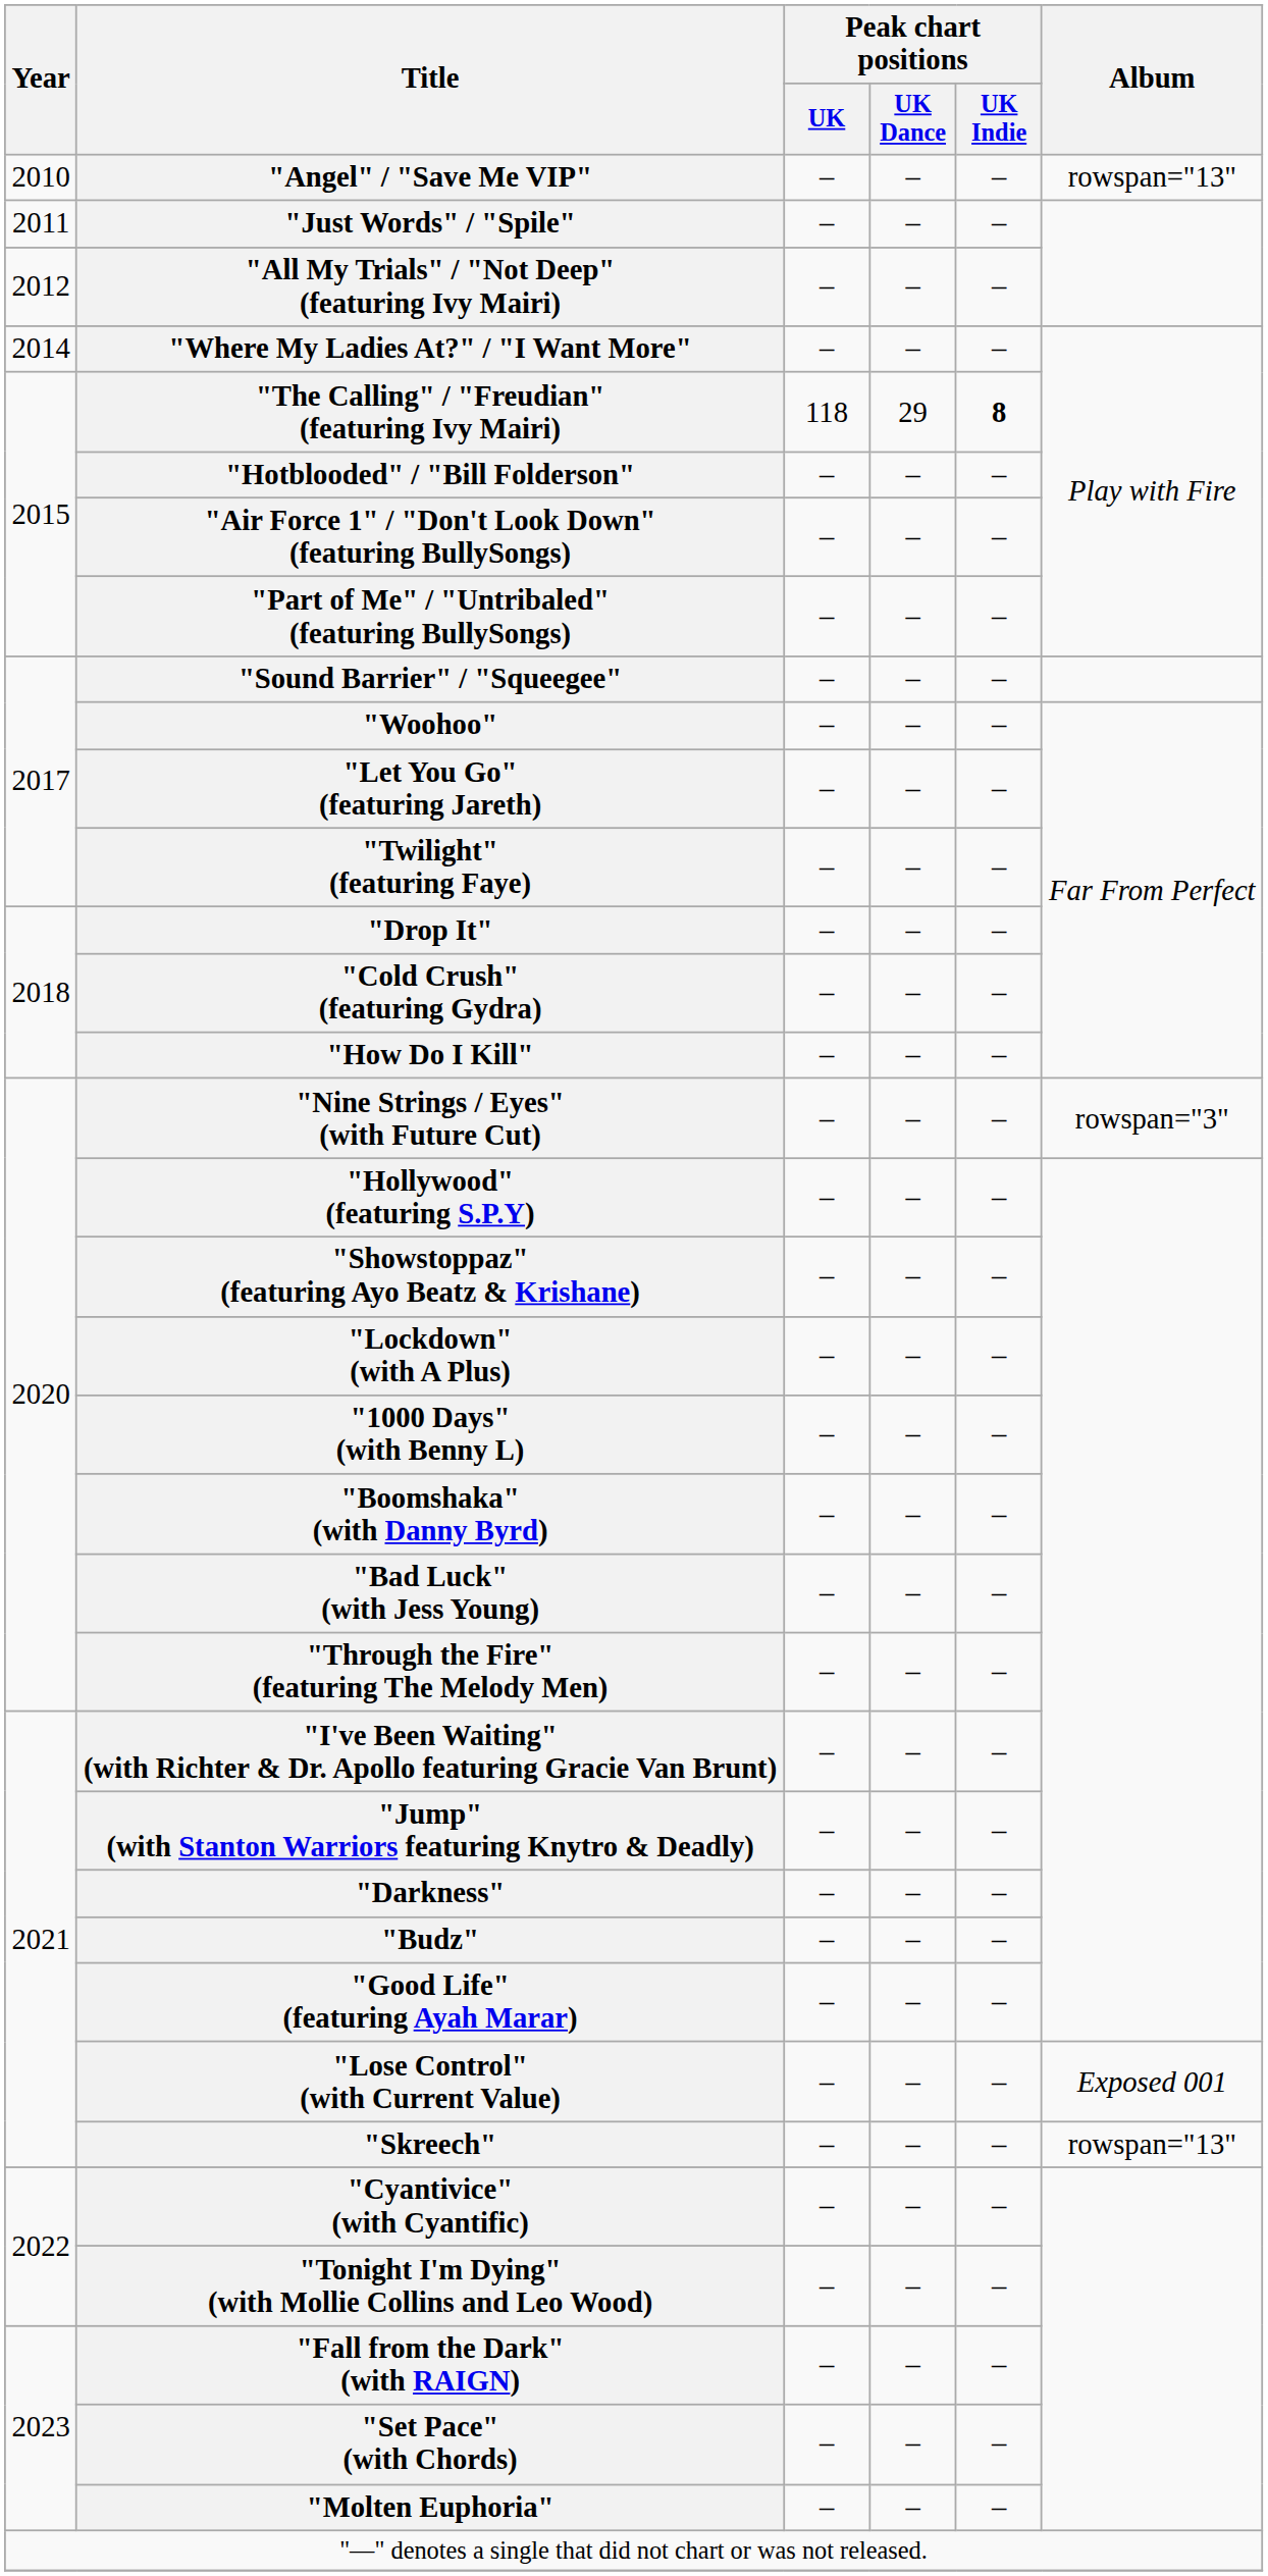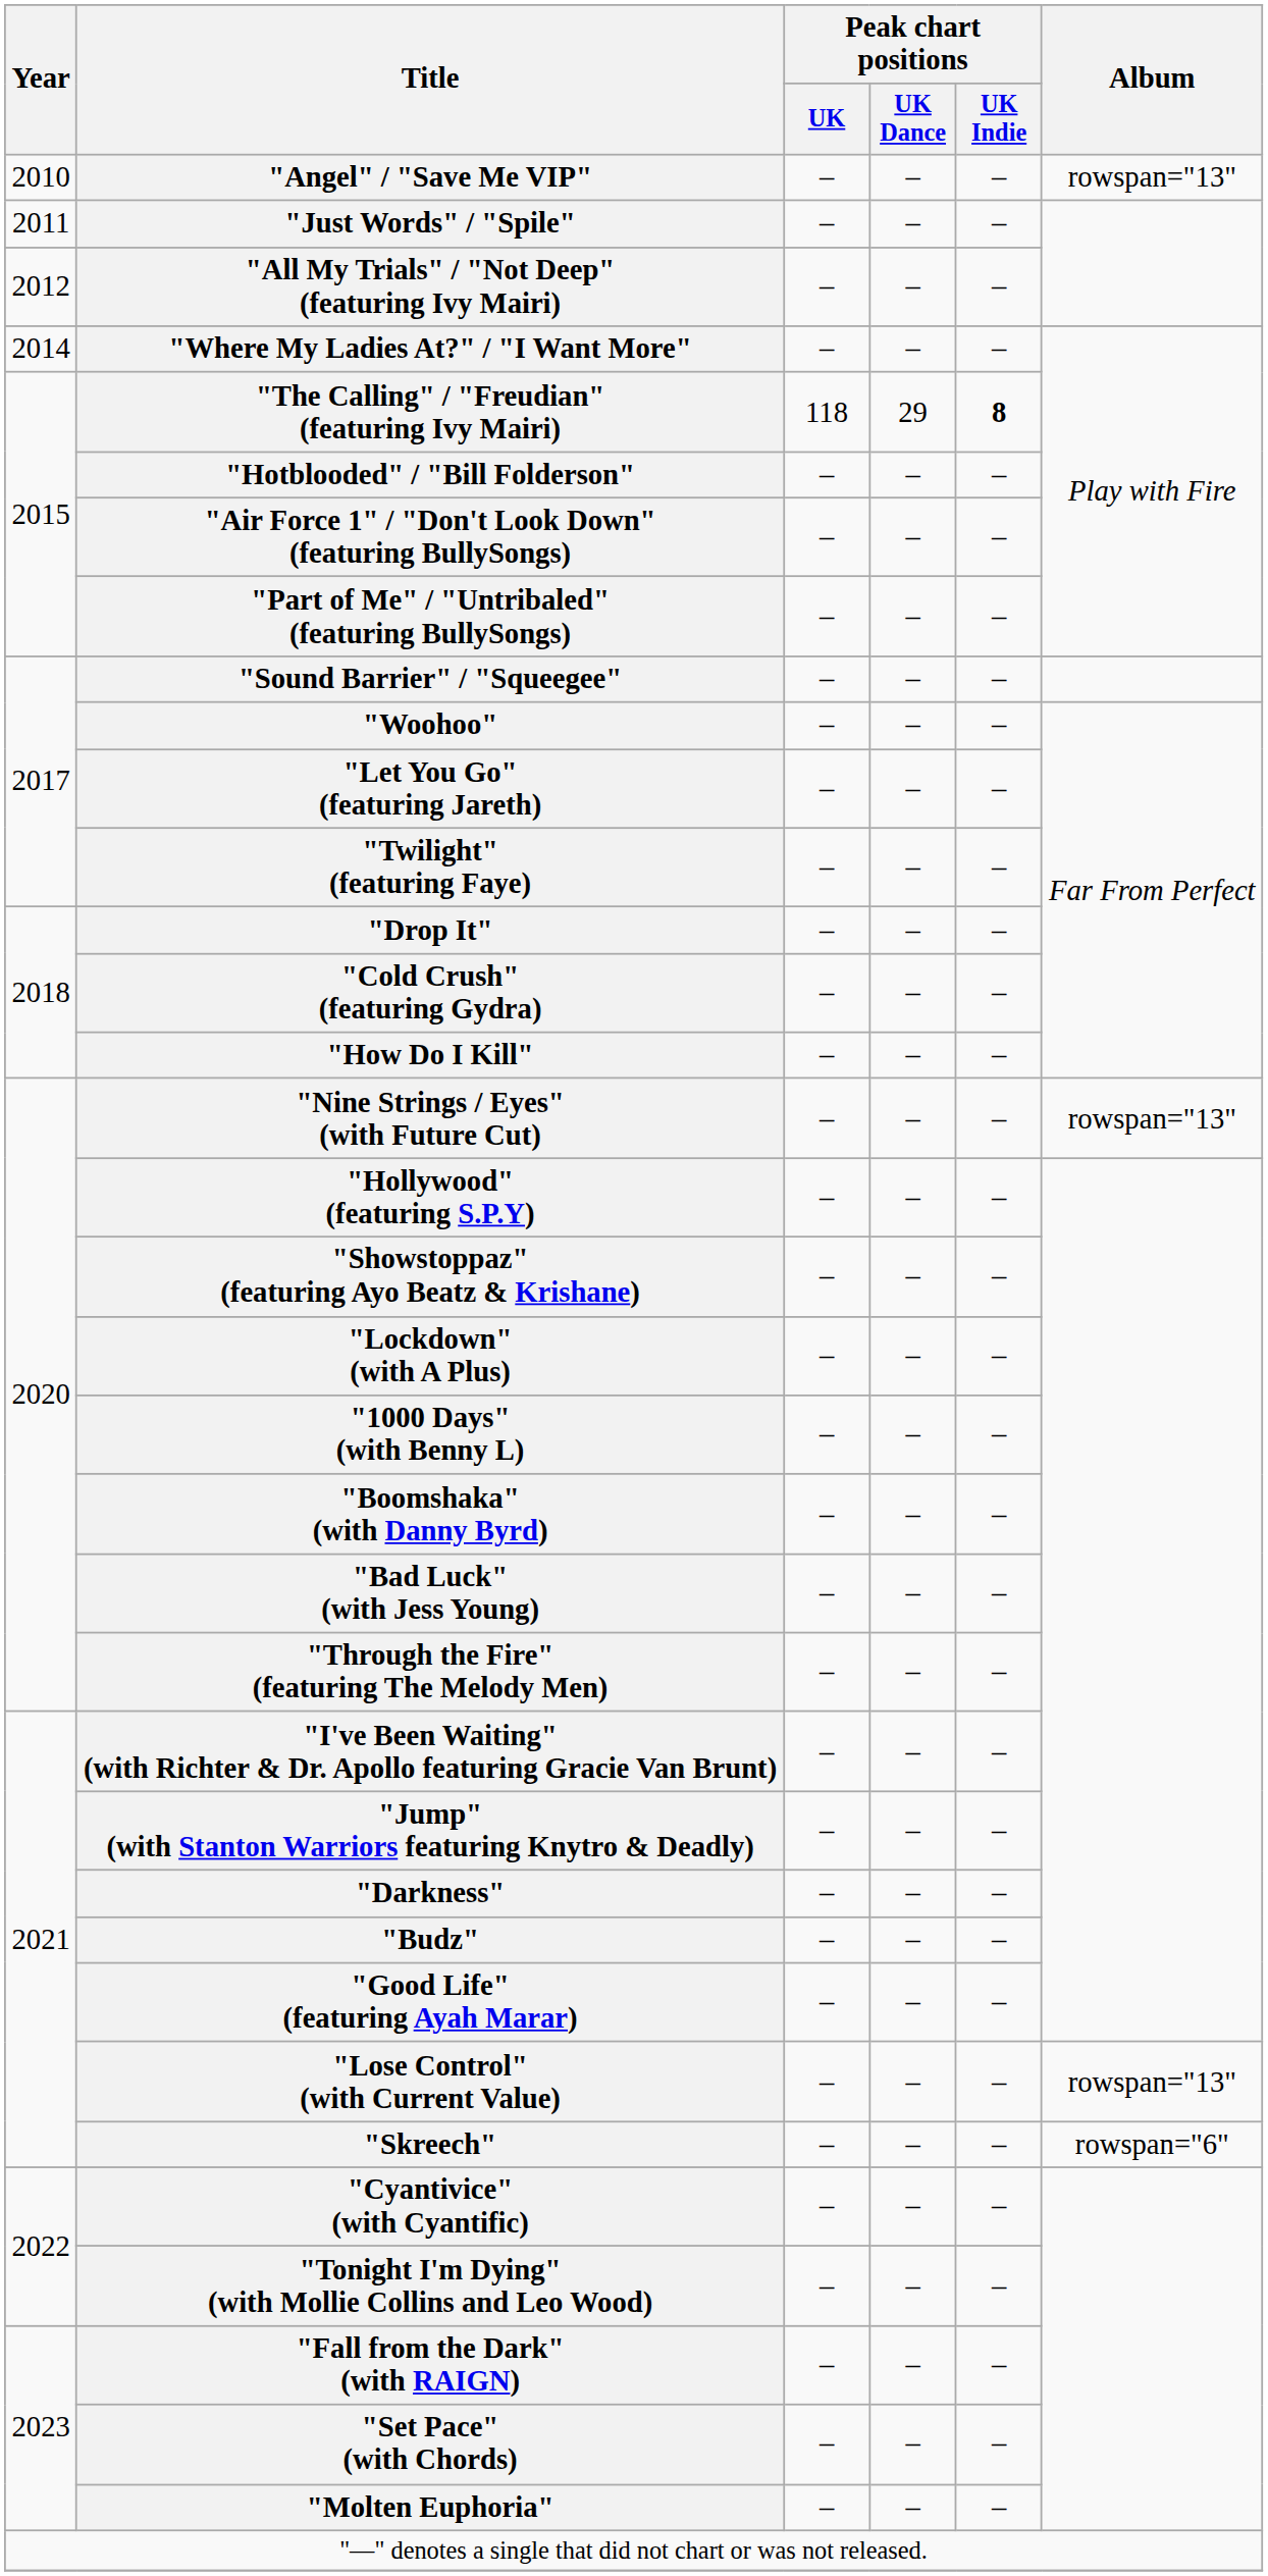 <table class="wikitable plainrowheaders" style="text-align:center;">
 <tr>
 <th scope="col" rowspan="2">Year</th>
 <th scope="col" rowspan="2">Title</th>
 <th scope="col" colspan="3">Peak chart positions</th>
 <th scope="col" rowspan="2">Album</th>
 </tr>
 <tr>
 <th scope="col" style="width:3em;font-size:85%;"><a href='#'>UK</a><br></th>
 <th scope="col" style="width:3em;font-size:85%;"><a href='#'>UK<br>Dance</a><br></th>
 <th scope="col" style="width:3em;font-size:85%;"><a href='#'>UK<br>Indie</a><br></th>
 </tr>
 <tr>
 <td>2010</td>
 <th scope="row">"Angel" / "Save Me VIP"</th>
 <td>–</td>
 <td>–</td>
 <td>–</td>
 <td>rowspan="13" </td>
 </tr>
 <tr>
 <td>2011</td>
 <th scope="row">"Just Words" / "Spile"</th>
 <td>–</td>
 <td>–</td>
 <td>–</td>
 </tr>
 <tr>
 <td>2012</td>
 <th scope="row">"All My Trials" / "Not Deep"<br><span>(featuring Ivy Mairi)</span></th>
 <td>–</td>
 <td>–</td>
 <td>–</td>
 </tr>
 <tr>
 <td>2014</td>
 <th scope="row">"Where My Ladies At?" / "I Want More"</th>
 <td>–</td>
 <td>–</td>
 <td>–</td>
 <td rowspan="5"><em>Play with Fire</em></td>
 </tr>
 <tr>
 <td rowspan="4">2015</td>
 <th scope="row">"The Calling" / "Freudian"<br><span>(featuring Ivy Mairi)</span></th>
 <td>118</td>
 <td>29</td>
 <td><strong>8</strong></td>
 </tr>
 <tr>
 <th scope="row">"Hotblooded" / "Bill Folderson"</th>
 <td>–</td>
 <td>–</td>
 <td>–</td>
 </tr>
 <tr>
 <th scope="row">"Air Force 1" / "Don't Look Down"<br><span>(featuring BullySongs)</span></th>
 <td>–</td>
 <td>–</td>
 <td>–</td>
 </tr>
 <tr>
 <th scope="row">"Part of Me" / "Untribaled"<br><span>(featuring BullySongs)</span></th>
 <td>–</td>
 <td>–</td>
 <td>–</td>
 </tr>
 <tr>
 <td rowspan="4">2017</td>
 <th scope="row">"Sound Barrier" / "Squeegee"</th>
 <td>–</td>
 <td>–</td>
 <td>–</td>
 <td></td>
 </tr>
 <tr>
 <th scope="row">"Woohoo"</th>
 <td>–</td>
 <td>–</td>
 <td>–</td>
 <td rowspan="6"><em>Far From Perfect</em></td>
 </tr>
 <tr>
 <th scope="row">"Let You Go"<br><span>(featuring Jareth)</span></th>
 <td>–</td>
 <td>–</td>
 <td>–</td>
 </tr>
 <tr>
 <th scope="row">"Twilight"<br><span>(featuring Faye)</span></th>
 <td>–</td>
 <td>–</td>
 <td>–</td>
 </tr>
 <tr>
 <td rowspan="3">2018</td>
 <th scope="row">"Drop It"</th>
 <td>–</td>
 <td>–</td>
 <td>–</td>
 </tr>
 <tr>
 <th scope="row">"Cold Crush"<br><span>(featuring Gydra)</span></th>
 <td>–</td>
 <td>–</td>
 <td>–</td>
 </tr>
 <tr>
 <th scope="row">"How Do I Kill"</th>
 <td>–</td>
 <td>–</td>
 <td>–</td>
 </tr>
 <tr>
 <td rowspan="8">2020</td>
 <th scope="row">"Nine Strings / Eyes"<br><span>(with Future Cut)</span></th>
 <td>–</td>
 <td>–</td>
 <td>–</td>
-<td>rowspan="3" </td>
+<td>rowspan="13" </td>
 </tr>
 <tr>
 <th scope="row">"Hollywood"<br><span>(featuring <a href='#'>S.P.Y</a>)</span></th>
 <td>–</td>
 <td>–</td>
 <td>–</td>
 </tr>
 <tr>
 <th scope="row">"Showstoppaz"<br><span>(featuring Ayo Beatz & <a href='#'>Krishane</a>)</span></th>
 <td>–</td>
 <td>–</td>
 <td>–</td>
 </tr>
 <tr>
 <th scope="row">"Lockdown"<br><span>(with A Plus)</span></th>
 <td>–</td>
 <td>–</td>
 <td>–</td>
 </tr>
 <tr>
 <th scope="row">"1000 Days"<br><span>(with Benny L)</span></th>
 <td>–</td>
 <td>–</td>
 <td>–</td>
 </tr>
 <tr>
 <th scope="row">"Boomshaka"<br><span>(with <a href='#'>Danny Byrd</a>)</span></th>
 <td>–</td>
 <td>–</td>
 <td>–</td>
 </tr>
 <tr>
 <th scope="row">"Bad Luck"<br><span>(with Jess Young)</span></th>
 <td>–</td>
 <td>–</td>
 <td>–</td>
 </tr>
 <tr>
 <th scope="row">"Through the Fire"<br><span>(featuring The Melody Men)</span></th>
 <td>–</td>
 <td>–</td>
 <td>–</td>
 </tr>
 <tr>
 <td rowspan="7">2021</td>
 <th scope="row">"I've Been Waiting"<br><span>(with Richter & Dr. Apollo featuring Gracie Van Brunt)</span></th>
 <td>–</td>
 <td>–</td>
 <td>–</td>
 </tr>
 <tr>
 <th scope="row">"Jump"<br><span>(with <a href='#'>Stanton Warriors</a> featuring Knytro & Deadly)</span></th>
 <td>–</td>
 <td>–</td>
 <td>–</td>
 </tr>
 <tr>
 <th scope="row">"Darkness"</th>
 <td>–</td>
 <td>–</td>
 <td>–</td>
 </tr>
 <tr>
 <th scope="row">"Budz"</th>
 <td>–</td>
 <td>–</td>
 <td>–</td>
 </tr>
 <tr>
 <th scope="row">"Good Life"<br><span>(featuring <a href='#'>Ayah Marar</a>)</span></th>
 <td>–</td>
 <td>–</td>
 <td>–</td>
 </tr>
 <tr>
 <th scope="row">"Lose Control"<br><span>(with Current Value)</span></th>
 <td>–</td>
 <td>–</td>
 <td>–</td>
-<td><em>Exposed 001</em></td>
+<td>rowspan="13" </td>
 </tr>
 <tr>
 <th scope="row">"Skreech"</th>
 <td>–</td>
 <td>–</td>
 <td>–</td>
-<td>rowspan="13" </td>
+<td>rowspan="6" </td>
 </tr>
 <tr>
 <td rowspan="2">2022</td>
 <th scope="row">"Cyantivice"<br><span>(with Cyantific)</span></th>
 <td>–</td>
 <td>–</td>
 <td>–</td>
 </tr>
 <tr>
 <th scope="row">"Tonight I'm Dying"<br><span>(with Mollie Collins and Leo Wood)</span></th>
 <td>–</td>
 <td>–</td>
 <td>–</td>
 </tr>
 <tr>
 <td rowspan="3">2023</td>
 <th scope="row">"Fall from the Dark"<br><span>(with <a href='#'>RAIGN</a>)</span></th>
 <td>–</td>
 <td>–</td>
 <td>–</td>
 </tr>
 <tr>
 <th scope="row">"Set Pace"<br><span>(with Chords)</span></th>
 <td>–</td>
 <td>–</td>
 <td>–</td>
 </tr>
 <tr>
 <th scope="row">"Molten Euphoria"</th>
 <td>–</td>
 <td>–</td>
 <td>–</td>
 </tr>
 <tr>
 <td colspan="18" style="font-size:85%">"—" denotes a single that did not chart or was not released.</td>
 </tr>
 <tr>
 </tr>
 </table>
